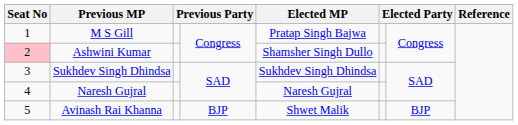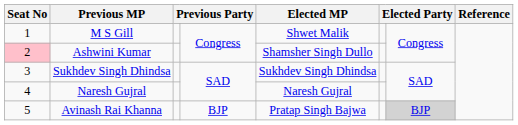 <table class="wikitable">
 <tr>
 <th>Seat No</th>
 <th>Previous MP</th>
 <th colspan=2>Previous Party</th>
 <th>Elected MP</th>
 <th colspan=2>Elected Party</th>
 <th>Reference</th>
 </tr>
 <tr style="text-align:center;">
 <td>1</td>
 <td><a href='#'>M S Gill</a></td>
 <td width="1px"></td>
 <td rowspan="2"><a href='#'>Congress</a></td>
-<td><a href='#'>Pratap Singh Bajwa</a></td>
+<td><a href='#'>Shwet Malik</a></td>
 <td width="1px"></td>
 <td rowspan="2"><a href='#'>Congress</a></td>
 <td rowspan=5></td>
 </tr>
 <tr style="text-align:center;">
 <td style="background: pink;">2</td>
 <td><a href='#'>Ashwini Kumar</a></td>
 <td width="1px"></td>
 <td><a href='#'>Shamsher Singh Dullo</a></td>
 <td width="1px"></td>
 </tr>
 <tr style="text-align:center;">
 <td>3</td>
 <td><a href='#'>Sukhdev Singh Dhindsa</a></td>
 <td width="1px"></td>
 <td rowspan="2"><a href='#'>SAD</a></td>
 <td><a href='#'>Sukhdev Singh Dhindsa</a></td>
 <td width="1px"></td>
 <td rowspan="2"><a href='#'>SAD</a></td>
 </tr>
 <tr style="text-align:center;">
 <td>4</td>
 <td><a href='#'>Naresh Gujral</a></td>
 <td width="1px"></td>
 <td><a href='#'>Naresh Gujral</a></td>
 <td width="1px"></td>
 </tr>
 <tr style="text-align:center;">
 <td>5</td>
 <td><a href='#'>Avinash Rai Khanna</a></td>
 <td width="1px"></td>
 <td><a href='#'>BJP</a></td>
-<td><a href='#'>Shwet Malik</a></td>
+<td><a href='#'>Pratap Singh Bajwa</a></td>
 <td width="1px"></td>
-<td><a href='#'>BJP</a></td>
+<td style="background: lightgrey;"><a href='#'>BJP</a></td>
 </tr>
 </table>
